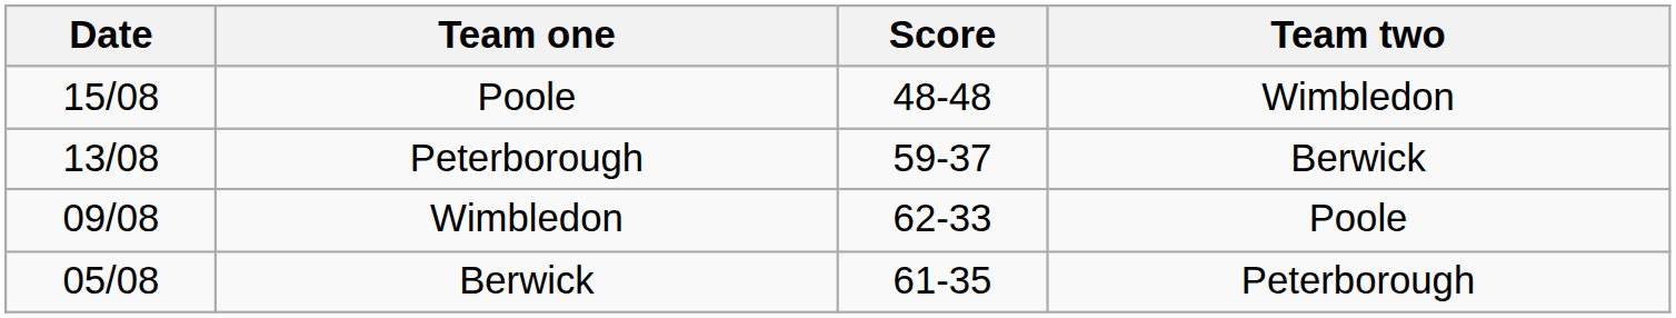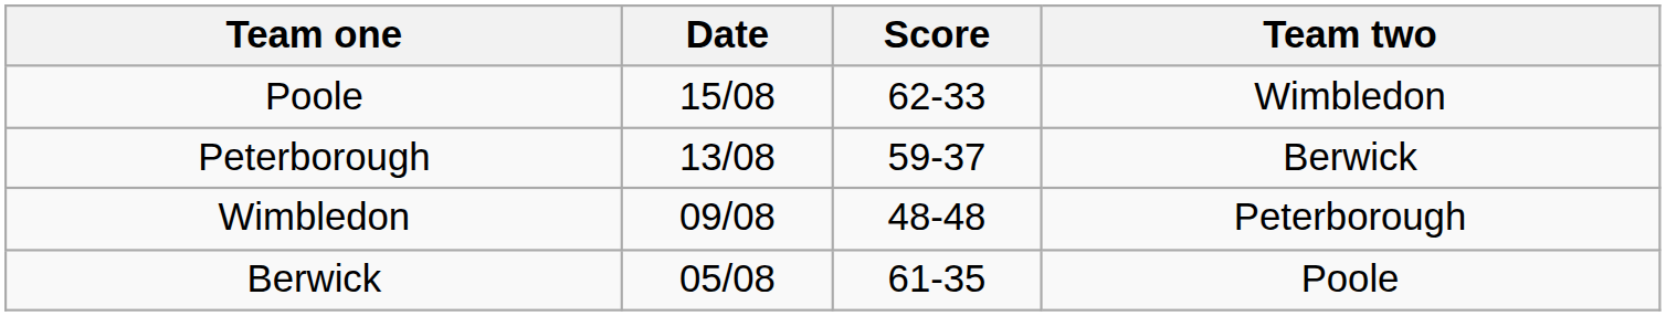 <table class="wikitable" style="text-align: center">
 <tr>
+<th width=250>Team one</th>
 <th width=80>Date</th>
-<th width=250>Team one</th>
 <th width=80>Score</th>
 <th width=250>Team two</th>
 </tr>
 <tr>
+<td>Poole</td>
 <td>15/08</td>
-<td>Poole</td>
-<td>48-48</td>
+<td>62-33</td>
 <td>Wimbledon</td>
 </tr>
 <tr>
+<td>Peterborough</td>
 <td>13/08</td>
-<td>Peterborough</td>
 <td>59-37</td>
 <td>Berwick</td>
 </tr>
 <tr>
+<td>Wimbledon</td>
 <td>09/08</td>
-<td>Wimbledon</td>
-<td>62-33</td>
+<td>48-48</td>
+<td>Peterborough</td>
+</tr>
+<tr>
+<td>Berwick</td>
+<td>05/08</td>
+<td>61-35</td>
 <td>Poole</td>
 </tr>
-<tr>
-<td>05/08</td>
-<td>Berwick</td>
-<td>61-35</td>
-<td>Peterborough</td>
-</tr>
 </table>
